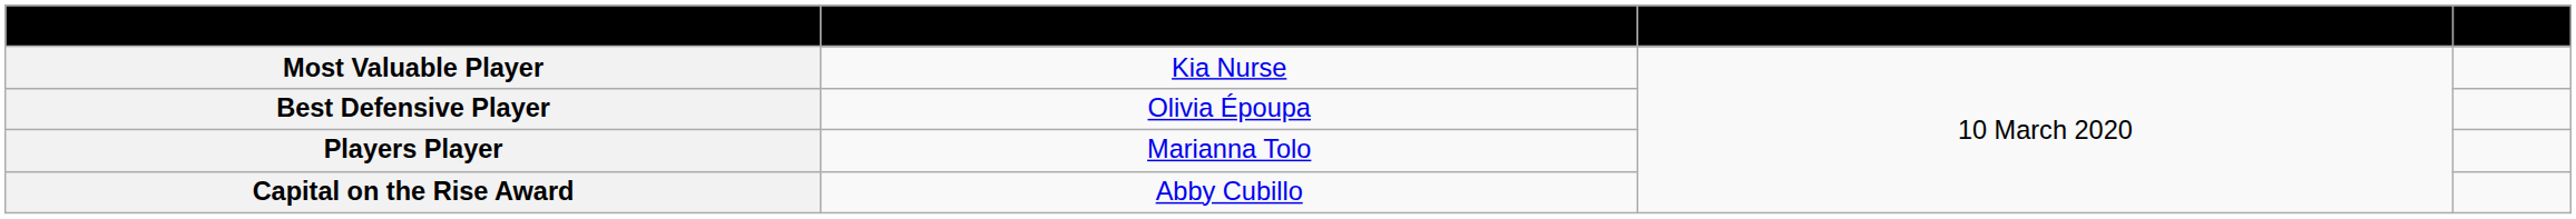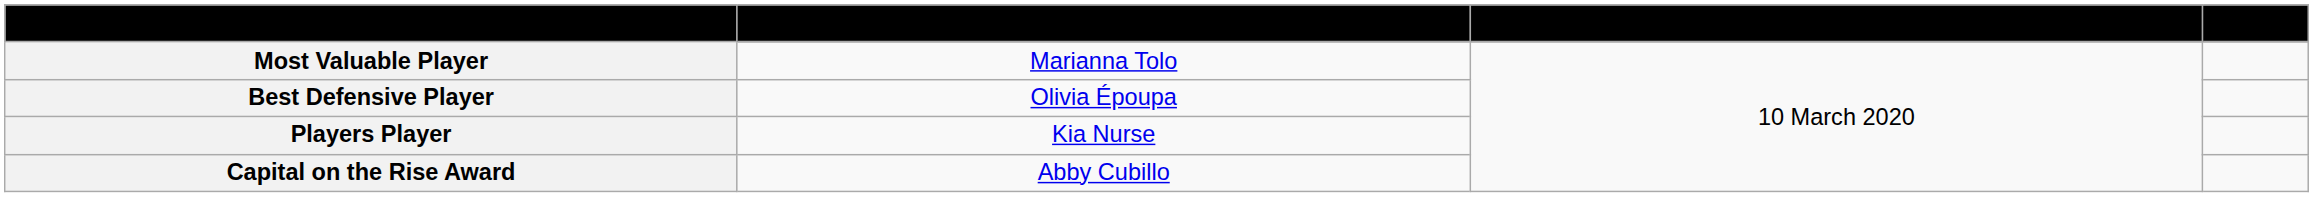 <table class="wikitable sortable sortable" style="text-align: center">
 <tr>
 <th style="background:black" width="10%"><span>Award</span></th>
 <th style="background:black" width="10%"><span>Recipient</span></th>
 <th style="background:black" width="10%"><span>Date</span></th>
 <th style="background:black" width="1%" class="unsortable"><span>Ref.</span></th>
 </tr>
 <tr>
 <th rowspan=1>Most Valuable Player</th>
-<td><a href='#'>Kia Nurse</a></td>
+<td><a href='#'>Marianna Tolo</a></td>
 <td rowspan=5>10 March 2020</td>
 <td></td>
 </tr>
 <tr>
 <th rowspan=1>Best Defensive Player</th>
 <td><a href='#'>Olivia Époupa</a></td>
 <td></td>
 </tr>
 <tr>
 <th rowspan=1>Players Player</th>
-<td><a href='#'>Marianna Tolo</a></td>
+<td><a href='#'>Kia Nurse</a></td>
 <td></td>
 </tr>
 <tr>
 <th rowspan=1>Capital on the Rise Award</th>
 <td><a href='#'>Abby Cubillo</a></td>
 <td></td>
 </tr>
 </table>
